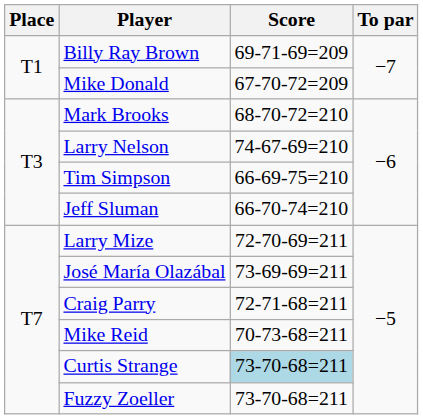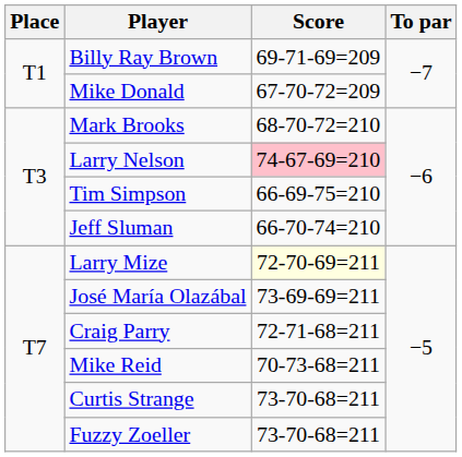 <table class="wikitable">
 <tr>
 <th>Place</th>
 <th>Player</th>
 <th>Score</th>
 <th>To par</th>
 </tr>
 <tr>
 <td rowspan="2" align=center>T1</td>
 <td> <a href='#'>Billy Ray Brown</a></td>
 <td align=center>69-71-69=209</td>
 <td rowspan="2" align=center>−7</td>
 </tr>
 <tr>
 <td> <a href='#'>Mike Donald</a></td>
 <td align=center>67-70-72=209</td>
 </tr>
 <tr>
 <td rowspan="4" align=center>T3</td>
 <td> <a href='#'>Mark Brooks</a></td>
 <td align=center>68-70-72=210</td>
 <td rowspan="4" align=center>−6</td>
 </tr>
 <tr>
 <td> <a href='#'>Larry Nelson</a></td>
-<td align=center>74-67-69=210</td>
+<td align=center style="background: pink;">74-67-69=210</td>
 </tr>
 <tr>
 <td> <a href='#'>Tim Simpson</a></td>
 <td align=center>66-69-75=210</td>
 </tr>
 <tr>
 <td> <a href='#'>Jeff Sluman</a></td>
 <td align=center>66-70-74=210</td>
 </tr>
 <tr>
 <td rowspan="6" align=center>T7</td>
 <td> <a href='#'>Larry Mize</a></td>
-<td align=center>72-70-69=211</td>
+<td align=center style="background: lightyellow;">72-70-69=211</td>
 <td rowspan="6" align=center>−5</td>
 </tr>
 <tr>
 <td> <a href='#'>José María Olazábal</a></td>
 <td align=center>73-69-69=211</td>
 </tr>
 <tr>
 <td> <a href='#'>Craig Parry</a></td>
 <td align=center>72-71-68=211</td>
 </tr>
 <tr>
 <td> <a href='#'>Mike Reid</a></td>
 <td align=center>70-73-68=211</td>
 </tr>
 <tr>
 <td> <a href='#'>Curtis Strange</a></td>
-<td align=center style="background: lightblue;">73-70-68=211</td>
+<td align=center>73-70-68=211</td>
 </tr>
 <tr>
 <td> <a href='#'>Fuzzy Zoeller</a></td>
 <td align=center>73-70-68=211</td>
 </tr>
 </table>
